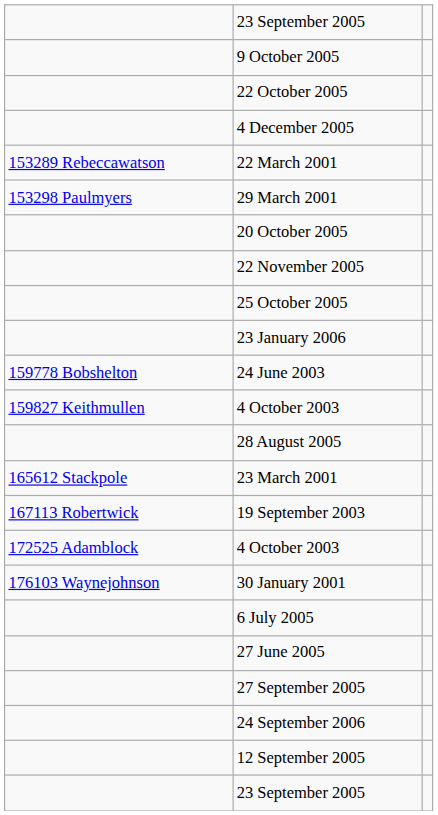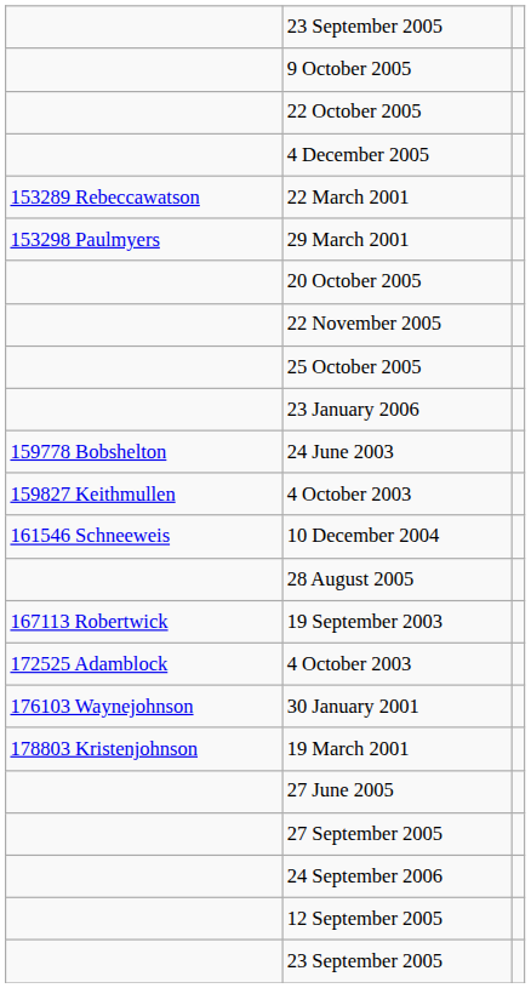 <table class="wikitable" style="font-size: 89%; float: left; width: 26em; margin-right: 1em; line-height: 1.65em !important; height: 675px;">
 <tr>
 <td></td>
 <td>23 September 2005</td>
 <td></td>
 </tr>
 <tr>
 <td></td>
 <td>9 October 2005</td>
 <td></td>
 </tr>
 <tr>
 <td></td>
 <td>22 October 2005</td>
 <td></td>
 </tr>
 <tr>
 <td></td>
 <td>4 December 2005</td>
 <td></td>
 </tr>
 <tr>
 <td><a href='#'>153289 Rebeccawatson</a></td>
 <td>22 March 2001</td>
 <td></td>
 </tr>
 <tr>
 <td><a href='#'>153298 Paulmyers</a></td>
 <td>29 March 2001</td>
 <td></td>
 </tr>
 <tr>
 <td></td>
 <td>20 October 2005</td>
 <td></td>
 </tr>
 <tr>
 <td></td>
 <td>22 November 2005</td>
 <td></td>
 </tr>
 <tr>
 <td></td>
 <td>25 October 2005</td>
 <td></td>
 </tr>
 <tr>
 <td></td>
 <td>23 January 2006</td>
 <td></td>
 </tr>
 <tr>
 <td><a href='#'>159778 Bobshelton</a></td>
 <td>24 June 2003</td>
 <td></td>
 </tr>
 <tr>
 <td><a href='#'>159827 Keithmullen</a></td>
 <td>4 October 2003</td>
 <td></td>
 </tr>
 <tr>
-<td></td>
-<td>28 August 2005</td>
+<td><a href='#'>161546 Schneeweis</a></td>
+<td>10 December 2004</td>
 <td></td>
 </tr>
 <tr>
-<td><a href='#'>165612 Stackpole</a></td>
-<td>23 March 2001</td>
+<td></td>
+<td>28 August 2005</td>
 <td></td>
 </tr>
 <tr>
 <td><a href='#'>167113 Robertwick</a></td>
 <td>19 September 2003</td>
 <td></td>
 </tr>
 <tr>
 <td><a href='#'>172525 Adamblock</a></td>
 <td>4 October 2003</td>
 <td></td>
 </tr>
 <tr>
 <td><a href='#'>176103 Waynejohnson</a></td>
 <td>30 January 2001</td>
 <td></td>
 </tr>
 <tr>
-<td></td>
-<td>6 July 2005</td>
+<td><a href='#'>178803 Kristenjohnson</a></td>
+<td>19 March 2001</td>
 <td></td>
 </tr>
 <tr>
 <td></td>
 <td>27 June 2005</td>
 <td></td>
 </tr>
 <tr>
 <td></td>
 <td>27 September 2005</td>
 <td></td>
 </tr>
 <tr>
 <td></td>
 <td>24 September 2006</td>
 <td></td>
 </tr>
 <tr>
 <td></td>
 <td>12 September 2005</td>
 <td></td>
 </tr>
 <tr>
 <td></td>
 <td>23 September 2005</td>
 <td></td>
 </tr>
 </table>
